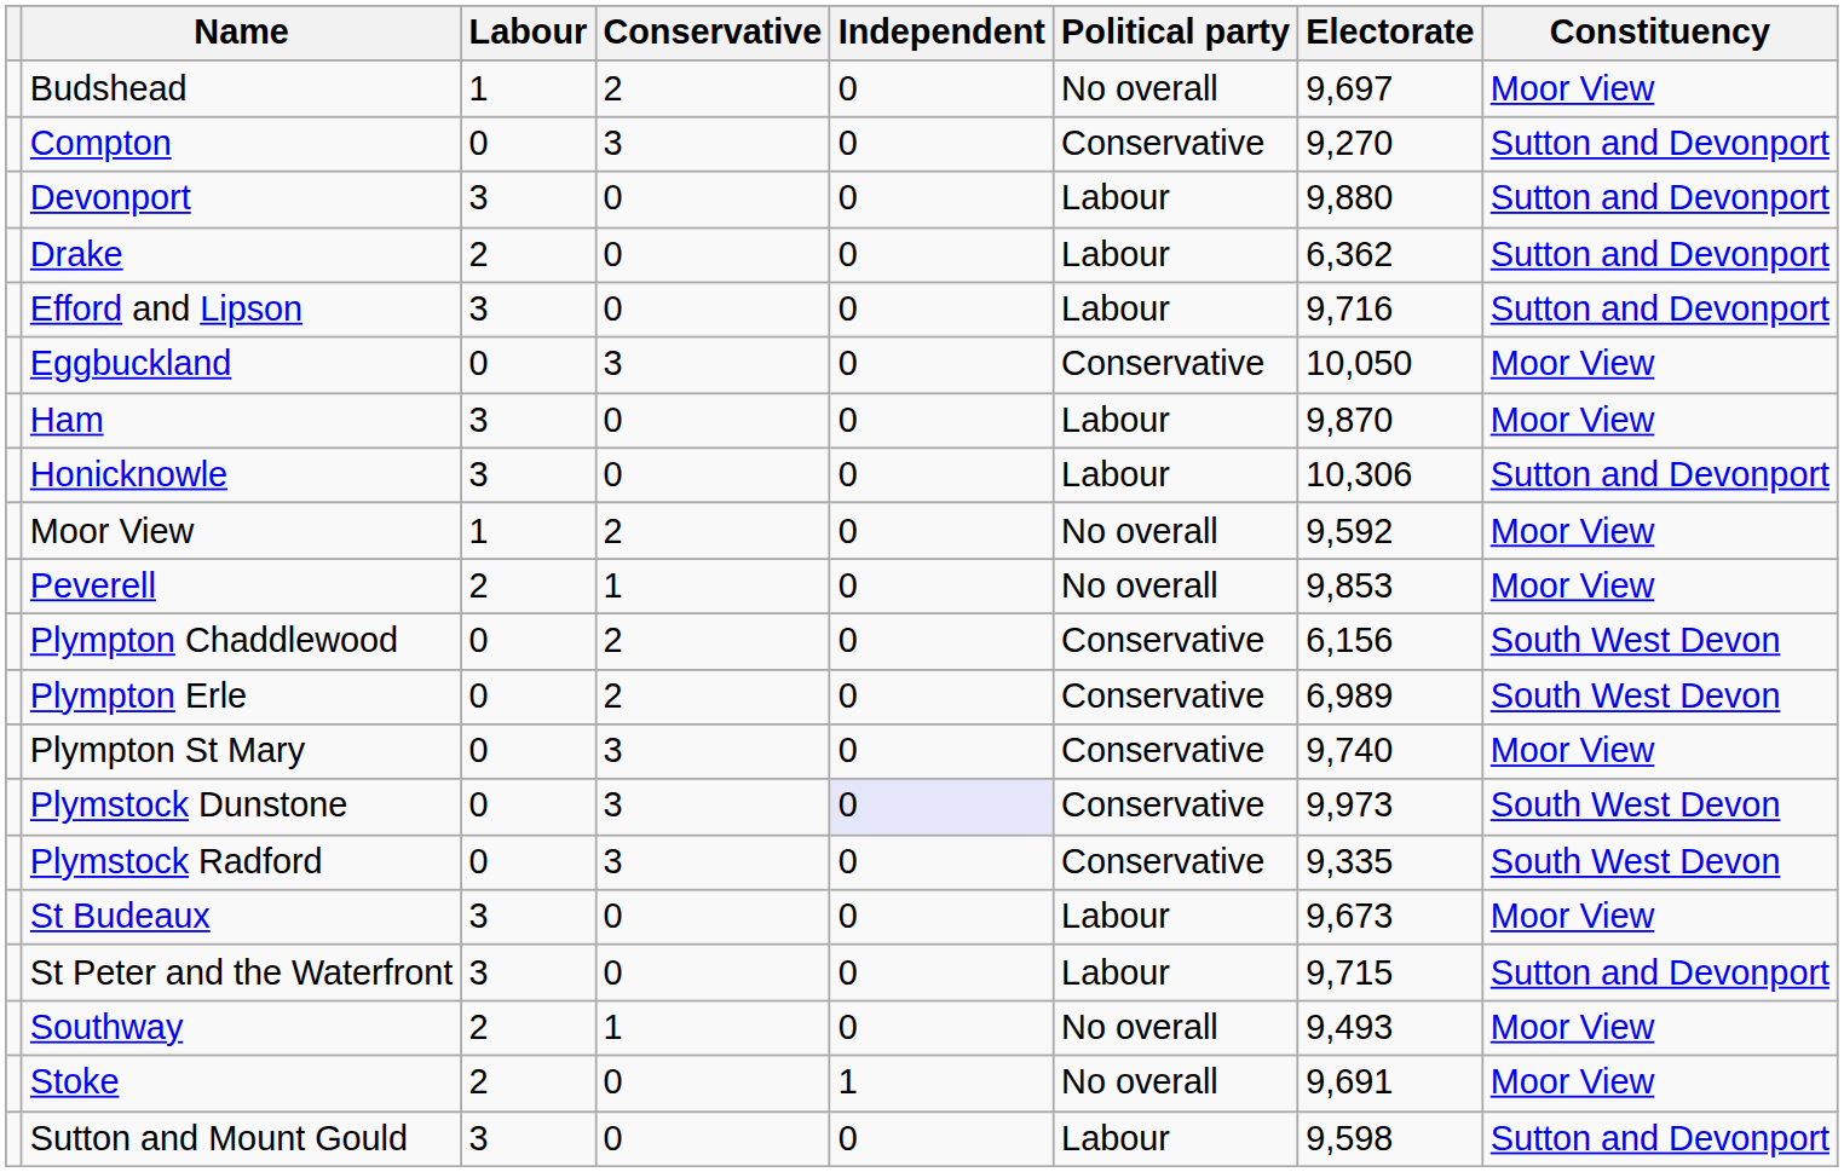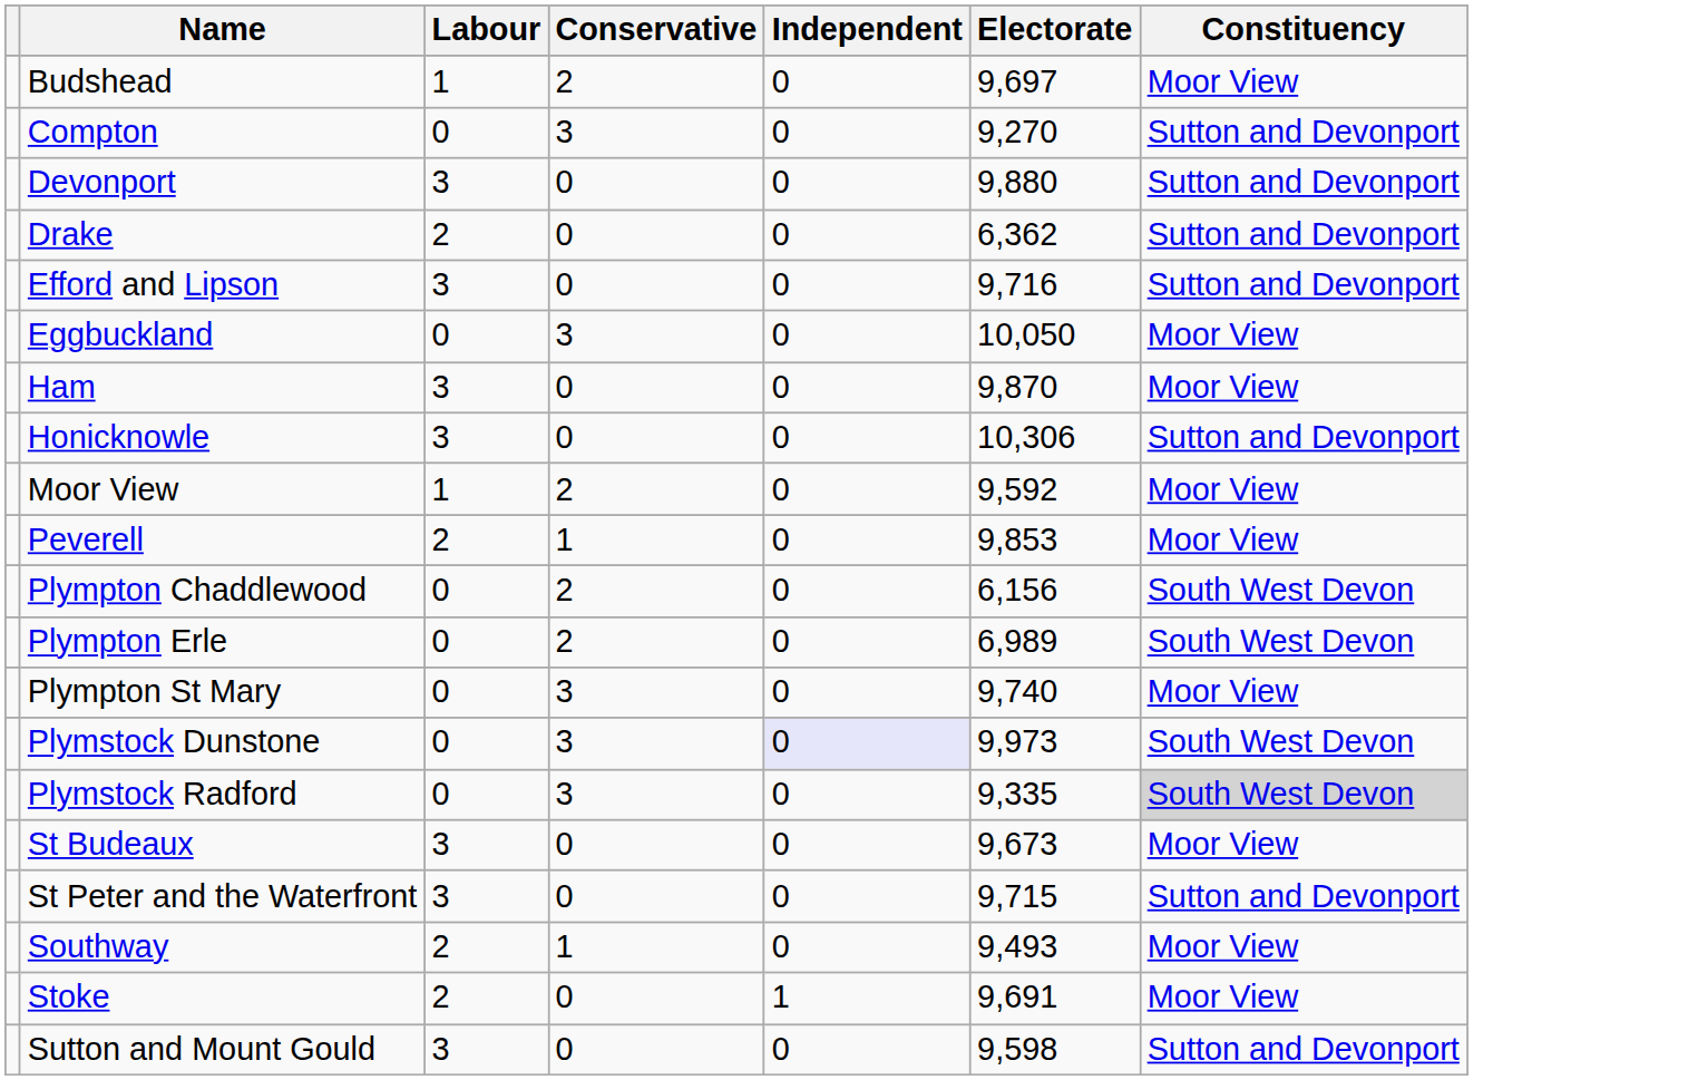 <table class="sortable wikitable">
 <tr>
 <th></th>
 <th>Name</th>
 <th>Labour</th>
 <th>Conservative</th>
 <th>Independent</th>
-<th>Political party</th>
 <th>Electorate</th>
 <th>Constituency</th>
 </tr>
 <tr>
 <td></td>
 <td>Budshead</td>
 <td>1</td>
 <td>2</td>
 <td>0</td>
-<td>No overall</td>
 <td>9,697</td>
 <td><a href='#'>Moor View</a></td>
 </tr>
 <tr>
 <td style="color:inherit;background:"></td>
 <td><a href='#'>Compton</a></td>
 <td>0</td>
 <td>3</td>
 <td>0</td>
-<td>Conservative</td>
 <td>9,270</td>
 <td><a href='#'>Sutton and Devonport</a></td>
 </tr>
 <tr>
 <td style="color:inherit;background:"></td>
 <td><a href='#'>Devonport</a></td>
 <td>3</td>
 <td>0</td>
 <td>0</td>
-<td>Labour</td>
 <td>9,880</td>
 <td><a href='#'>Sutton and Devonport</a></td>
 </tr>
 <tr>
 <td style="color:inherit;background:"></td>
 <td><a href='#'>Drake</a></td>
 <td>2</td>
 <td>0</td>
 <td>0</td>
-<td>Labour</td>
 <td>6,362</td>
 <td><a href='#'>Sutton and Devonport</a></td>
 </tr>
 <tr>
 <td style="color:inherit;background:"></td>
 <td><a href='#'>Efford</a> and <a href='#'>Lipson</a></td>
 <td>3</td>
 <td>0</td>
 <td>0</td>
-<td>Labour</td>
 <td>9,716</td>
 <td><a href='#'>Sutton and Devonport</a></td>
 </tr>
 <tr>
 <td style="color:inherit;background:"></td>
 <td><a href='#'>Eggbuckland</a></td>
 <td>0</td>
 <td>3</td>
 <td>0</td>
-<td>Conservative</td>
 <td>10,050</td>
 <td><a href='#'>Moor View</a></td>
 </tr>
 <tr>
 <td style="color:inherit;background:"></td>
 <td><a href='#'>Ham</a></td>
 <td>3</td>
 <td>0</td>
 <td>0</td>
-<td>Labour</td>
 <td>9,870</td>
 <td><a href='#'>Moor View</a></td>
 </tr>
 <tr>
 <td style="color:inherit;background:"></td>
 <td><a href='#'>Honicknowle</a></td>
 <td>3</td>
 <td>0</td>
 <td>0</td>
-<td>Labour</td>
 <td>10,306</td>
 <td><a href='#'>Sutton and Devonport</a></td>
 </tr>
 <tr>
 <td></td>
 <td>Moor View</td>
 <td>1</td>
 <td>2</td>
 <td>0</td>
-<td>No overall</td>
 <td>9,592</td>
 <td><a href='#'>Moor View</a></td>
 </tr>
 <tr>
 <td></td>
 <td><a href='#'>Peverell</a></td>
 <td>2</td>
 <td>1</td>
 <td>0</td>
-<td>No overall</td>
 <td>9,853</td>
 <td><a href='#'>Moor View</a></td>
 </tr>
 <tr>
 <td style="color:inherit;background:"></td>
 <td><a href='#'>Plympton</a> Chaddlewood</td>
 <td>0</td>
 <td>2</td>
 <td>0</td>
-<td>Conservative</td>
 <td>6,156</td>
 <td><a href='#'>South West Devon</a></td>
 </tr>
 <tr>
 <td style="color:inherit;background:"></td>
 <td><a href='#'>Plympton</a> Erle</td>
 <td>0</td>
 <td>2</td>
 <td>0</td>
-<td>Conservative</td>
 <td>6,989</td>
 <td><a href='#'>South West Devon</a></td>
 </tr>
 <tr>
 <td style="color:inherit;background:"></td>
 <td>Plympton St Mary</td>
 <td>0</td>
 <td>3</td>
 <td>0</td>
-<td>Conservative</td>
 <td>9,740</td>
 <td><a href='#'>Moor View</a></td>
 </tr>
 <tr>
 <td style="color:inherit;background:"></td>
 <td><a href='#'>Plymstock</a> Dunstone</td>
 <td>0</td>
 <td>3</td>
 <td style="background: lavender;">0</td>
-<td>Conservative</td>
 <td>9,973</td>
 <td><a href='#'>South West Devon</a></td>
 </tr>
 <tr>
 <td style="color:inherit;background:"></td>
 <td><a href='#'>Plymstock</a> Radford</td>
 <td>0</td>
 <td>3</td>
 <td>0</td>
-<td>Conservative</td>
 <td>9,335</td>
-<td><a href='#'>South West Devon</a></td>
+<td style="background: lightgrey;"><a href='#'>South West Devon</a></td>
 </tr>
 <tr>
 <td style="color:inherit;background:"></td>
 <td><a href='#'>St Budeaux</a></td>
 <td>3</td>
 <td>0</td>
 <td>0</td>
-<td>Labour</td>
 <td>9,673</td>
 <td><a href='#'>Moor View</a></td>
 </tr>
 <tr>
 <td style="color:inherit;background:"></td>
 <td>St Peter and the Waterfront</td>
 <td>3</td>
 <td>0</td>
 <td>0</td>
-<td>Labour</td>
 <td>9,715</td>
 <td><a href='#'>Sutton and Devonport</a></td>
 </tr>
 <tr>
 <td></td>
 <td><a href='#'>Southway</a></td>
 <td>2</td>
 <td>1</td>
 <td>0</td>
-<td>No overall</td>
 <td>9,493</td>
 <td><a href='#'>Moor View</a></td>
 </tr>
 <tr>
 <td></td>
 <td><a href='#'>Stoke</a></td>
 <td>2</td>
 <td>0</td>
 <td>1</td>
-<td>No overall</td>
 <td>9,691</td>
 <td><a href='#'>Moor View</a></td>
 </tr>
 <tr>
 <td style="color:inherit;background:"></td>
 <td>Sutton and Mount Gould</td>
 <td>3</td>
 <td>0</td>
 <td>0</td>
-<td>Labour</td>
 <td>9,598</td>
 <td><a href='#'>Sutton and Devonport</a></td>
 </tr>
 </table>
